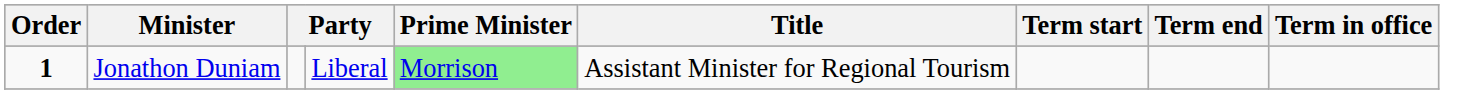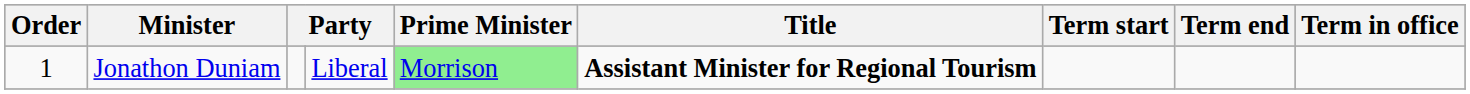 <table class="wikitable">
 <tr>
 <th>Order</th>
 <th>Minister</th>
 <th colspan=2>Party</th>
 <th>Prime Minister</th>
 <th>Title</th>
 <th>Term start</th>
 <th>Term end</th>
 <th>Term in office</th>
 </tr>
 <tr>
-<td align=center><strong>1</strong></td>
+<td align=center>1</td>
 <td><a href='#'>Jonathon Duniam</a></td>
 <td> </td>
 <td><a href='#'>Liberal</a></td>
 <td style="background: lightgreen;"><a href='#'>Morrison</a></td>
-<td>Assistant Minister for Regional Tourism</td>
+<td><strong>Assistant Minister for Regional Tourism</strong></td>
 <td align=center></td>
 <td align=center></td>
 <td align=right></td>
 </tr>
 </table>
